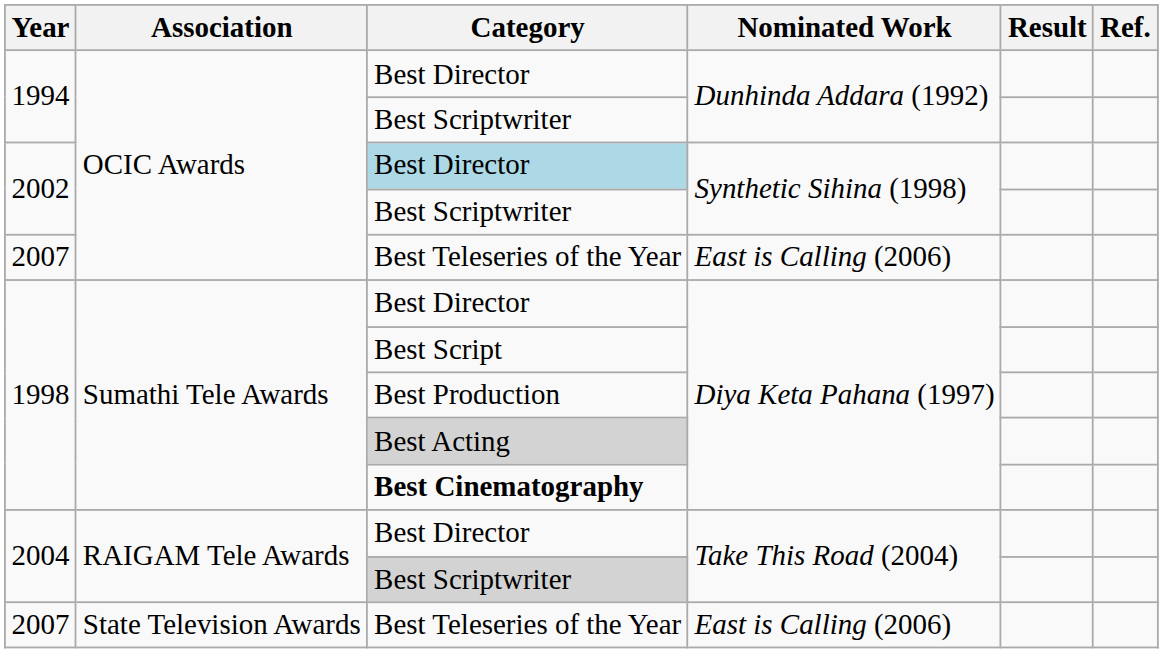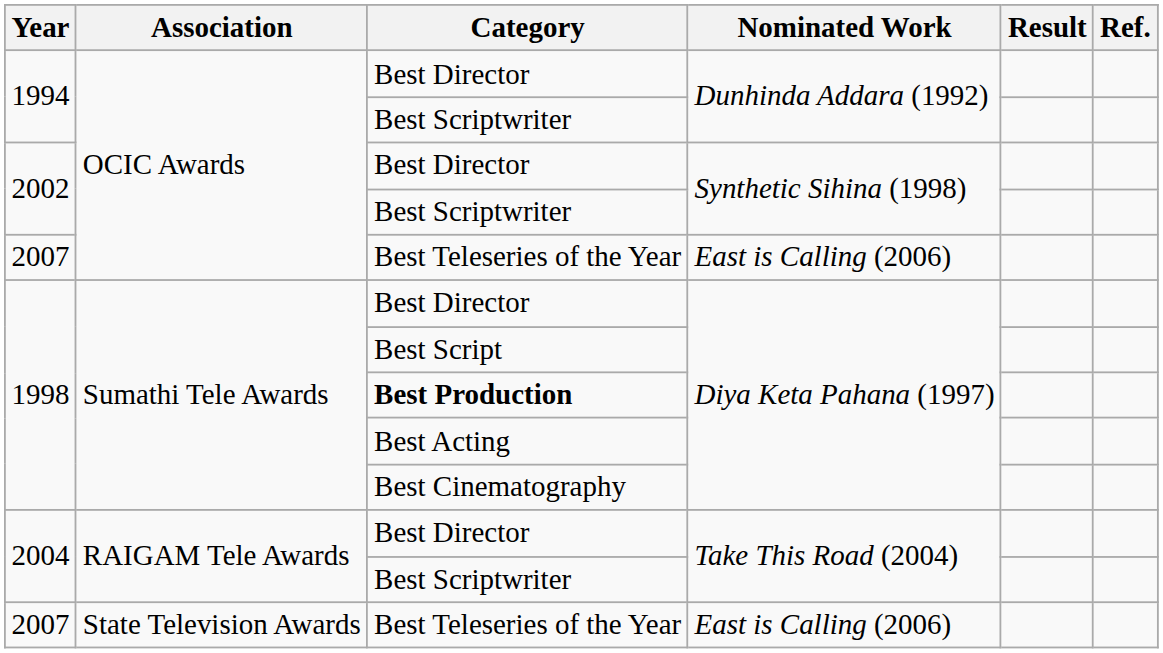 <table class="wikitable">
 <tr>
 <th>Year</th>
 <th>Association</th>
 <th>Category</th>
 <th>Nominated Work</th>
 <th>Result</th>
 <th>Ref.</th>
 </tr>
 <tr>
 <td rowspan="2">1994</td>
 <td rowspan="5">OCIC Awards</td>
 <td>Best Director</td>
 <td rowspan="2"><em>Dunhinda Addara</em> (1992)</td>
 <td></td>
 <td></td>
 </tr>
 <tr>
 <td>Best Scriptwriter</td>
 <td></td>
 <td></td>
 </tr>
 <tr>
 <td rowspan="2">2002</td>
-<td style="background: lightblue;">Best Director</td>
+<td>Best Director</td>
 <td rowspan="2"><em>Synthetic Sihina</em> (1998)</td>
 <td></td>
 <td></td>
 </tr>
 <tr>
 <td>Best Scriptwriter</td>
 <td></td>
 <td></td>
 </tr>
 <tr>
 <td>2007</td>
 <td>Best Teleseries of the Year</td>
 <td><em>East is Calling</em> (2006)</td>
 <td></td>
 <td></td>
 </tr>
 <tr>
 <td rowspan="5">1998</td>
 <td rowspan="5">Sumathi Tele Awards</td>
 <td>Best Director</td>
 <td rowspan="5"><em>Diya Keta Pahana</em> (1997)</td>
 <td></td>
 <td></td>
 </tr>
 <tr>
 <td>Best Script</td>
 <td></td>
 <td></td>
 </tr>
 <tr>
-<td>Best Production</td>
+<td><strong>Best Production</strong></td>
 <td></td>
 <td></td>
 </tr>
 <tr>
-<td style="background: lightgrey;">Best Acting</td>
+<td>Best Acting</td>
 <td></td>
 <td></td>
 </tr>
 <tr>
-<td><strong>Best Cinematography</strong></td>
+<td>Best Cinematography</td>
 <td></td>
 <td></td>
 </tr>
 <tr>
 <td rowspan="2">2004</td>
 <td rowspan="2">RAIGAM Tele Awards</td>
 <td>Best Director</td>
 <td rowspan="2"><em>Take This Road</em> (2004)</td>
 <td></td>
 <td></td>
 </tr>
 <tr>
-<td style="background: lightgrey;">Best Scriptwriter</td>
+<td>Best Scriptwriter</td>
 <td></td>
 <td></td>
 </tr>
 <tr>
 <td>2007</td>
 <td>State Television Awards</td>
 <td>Best Teleseries of the Year</td>
 <td><em>East is Calling</em> (2006)</td>
 <td></td>
 <td></td>
 </tr>
 </table>
